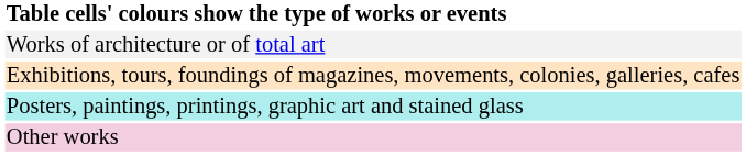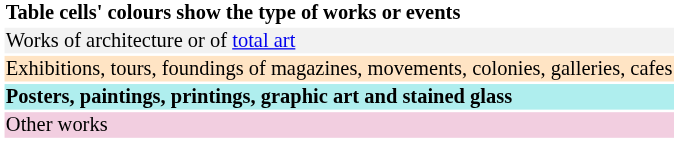 <table class="floatright">
 <tr>
 <td><strong>Table cells' colours show the type of works or events</strong></td>
 </tr>
 <tr>
 <td style="background:#f2f2f2">Works of architecture or of <a href='#'>total art</a></td>
 </tr>
 <tr>
 <td style="background:#FFE4C4">Exhibitions, tours, foundings of magazines, movements, colonies, galleries, cafes</td>
 </tr>
 <tr>
-<td style="background:#AFEEEE">Posters, paintings, printings, graphic art and stained glass</td>
+<td style="background:#AFEEEE"><strong>Posters, paintings, printings, graphic art and stained glass</strong></td>
 </tr>
 <tr>
 <td style="background:#F2CEE0">Other works</td>
 </tr>
 </table>
